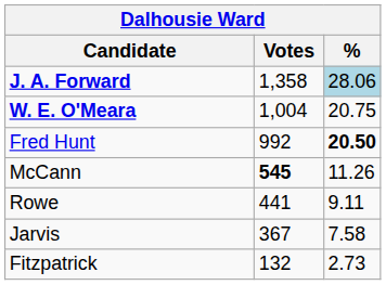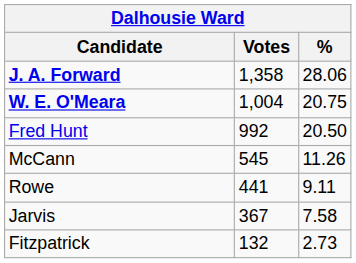 <table class="wikitable">
 <tr>
 <th colspan="3"><a href='#'>Dalhousie Ward</a></th>
 </tr>
 <tr>
 <th style="width: 200px">Candidate</th>
 <th style="width: 50px">Votes</th>
 <th style="width: 40px">%</th>
 </tr>
 <tr>
 <td><strong><a href='#'>J. A. Forward</a></strong></td>
 <td>1,358</td>
-<td style="background: lightblue;">28.06</td>
+<td>28.06</td>
 </tr>
 <tr>
 <td><strong><a href='#'>W. E. O'Meara</a></strong></td>
 <td>1,004</td>
 <td>20.75</td>
 </tr>
 <tr>
 <td><a href='#'>Fred Hunt</a></td>
 <td>992</td>
-<td><strong>20.50</strong></td>
+<td>20.50</td>
 </tr>
 <tr>
 <td>McCann</td>
-<td><strong>545</strong></td>
+<td>545</td>
 <td>11.26</td>
 </tr>
 <tr>
 <td>Rowe</td>
 <td>441</td>
 <td>9.11</td>
 </tr>
 <tr>
 <td>Jarvis</td>
 <td>367</td>
 <td>7.58</td>
 </tr>
 <tr>
 <td>Fitzpatrick</td>
 <td>132</td>
 <td>2.73</td>
 </tr>
 </table>
